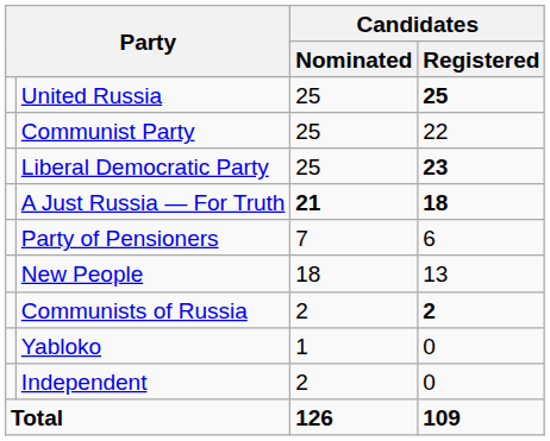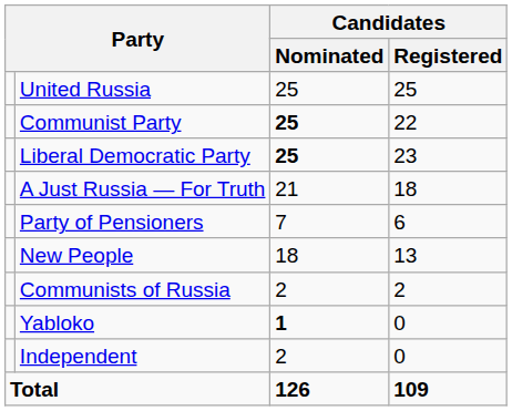 <table class="wikitable sortable" style="background: #f9f9f9; text-align:left; font-size: 95%">
 <tr>
 <th align=center rowspan=2 colspan=2>Party</th>
 <th align=center colspan=2>Candidates</th>
 </tr>
 <tr>
 <th align=center>Nominated</th>
 <th align=center>Registered</th>
 </tr>
 <tr>
 <td></td>
 <td><a href='#'>United Russia</a></td>
 <td>25</td>
-<td><strong>25</strong></td>
+<td>25</td>
 </tr>
 <tr>
 <td></td>
 <td><a href='#'>Communist Party</a></td>
-<td>25</td>
+<td><strong>25</strong></td>
 <td>22</td>
 </tr>
 <tr>
 <td></td>
 <td><a href='#'>Liberal Democratic Party</a></td>
-<td>25</td>
-<td><strong>23</strong></td>
+<td><strong>25</strong></td>
+<td>23</td>
 </tr>
 <tr>
 <td></td>
 <td><a href='#'>A Just Russia — For Truth</a></td>
-<td><strong>21</strong></td>
-<td><strong>18</strong></td>
+<td>21</td>
+<td>18</td>
 </tr>
 <tr>
 <td></td>
 <td><a href='#'>Party of Pensioners</a></td>
 <td>7</td>
 <td>6</td>
 </tr>
 <tr>
 <td></td>
 <td><a href='#'>New People</a></td>
 <td>18</td>
 <td>13</td>
 </tr>
 <tr>
 <td></td>
 <td><a href='#'>Communists of Russia</a></td>
 <td>2</td>
-<td><strong>2</strong></td>
+<td>2</td>
 </tr>
 <tr>
 <td></td>
 <td><a href='#'>Yabloko</a></td>
-<td>1</td>
+<td><strong>1</strong></td>
 <td>0</td>
 </tr>
 <tr>
 <td></td>
 <td><a href='#'>Independent</a></td>
 <td>2</td>
 <td>0</td>
 </tr>
 <tr>
 <td colspan=2><strong>Total</strong></td>
 <td><strong>126</strong></td>
 <td><strong>109</strong></td>
 </tr>
 </table>
